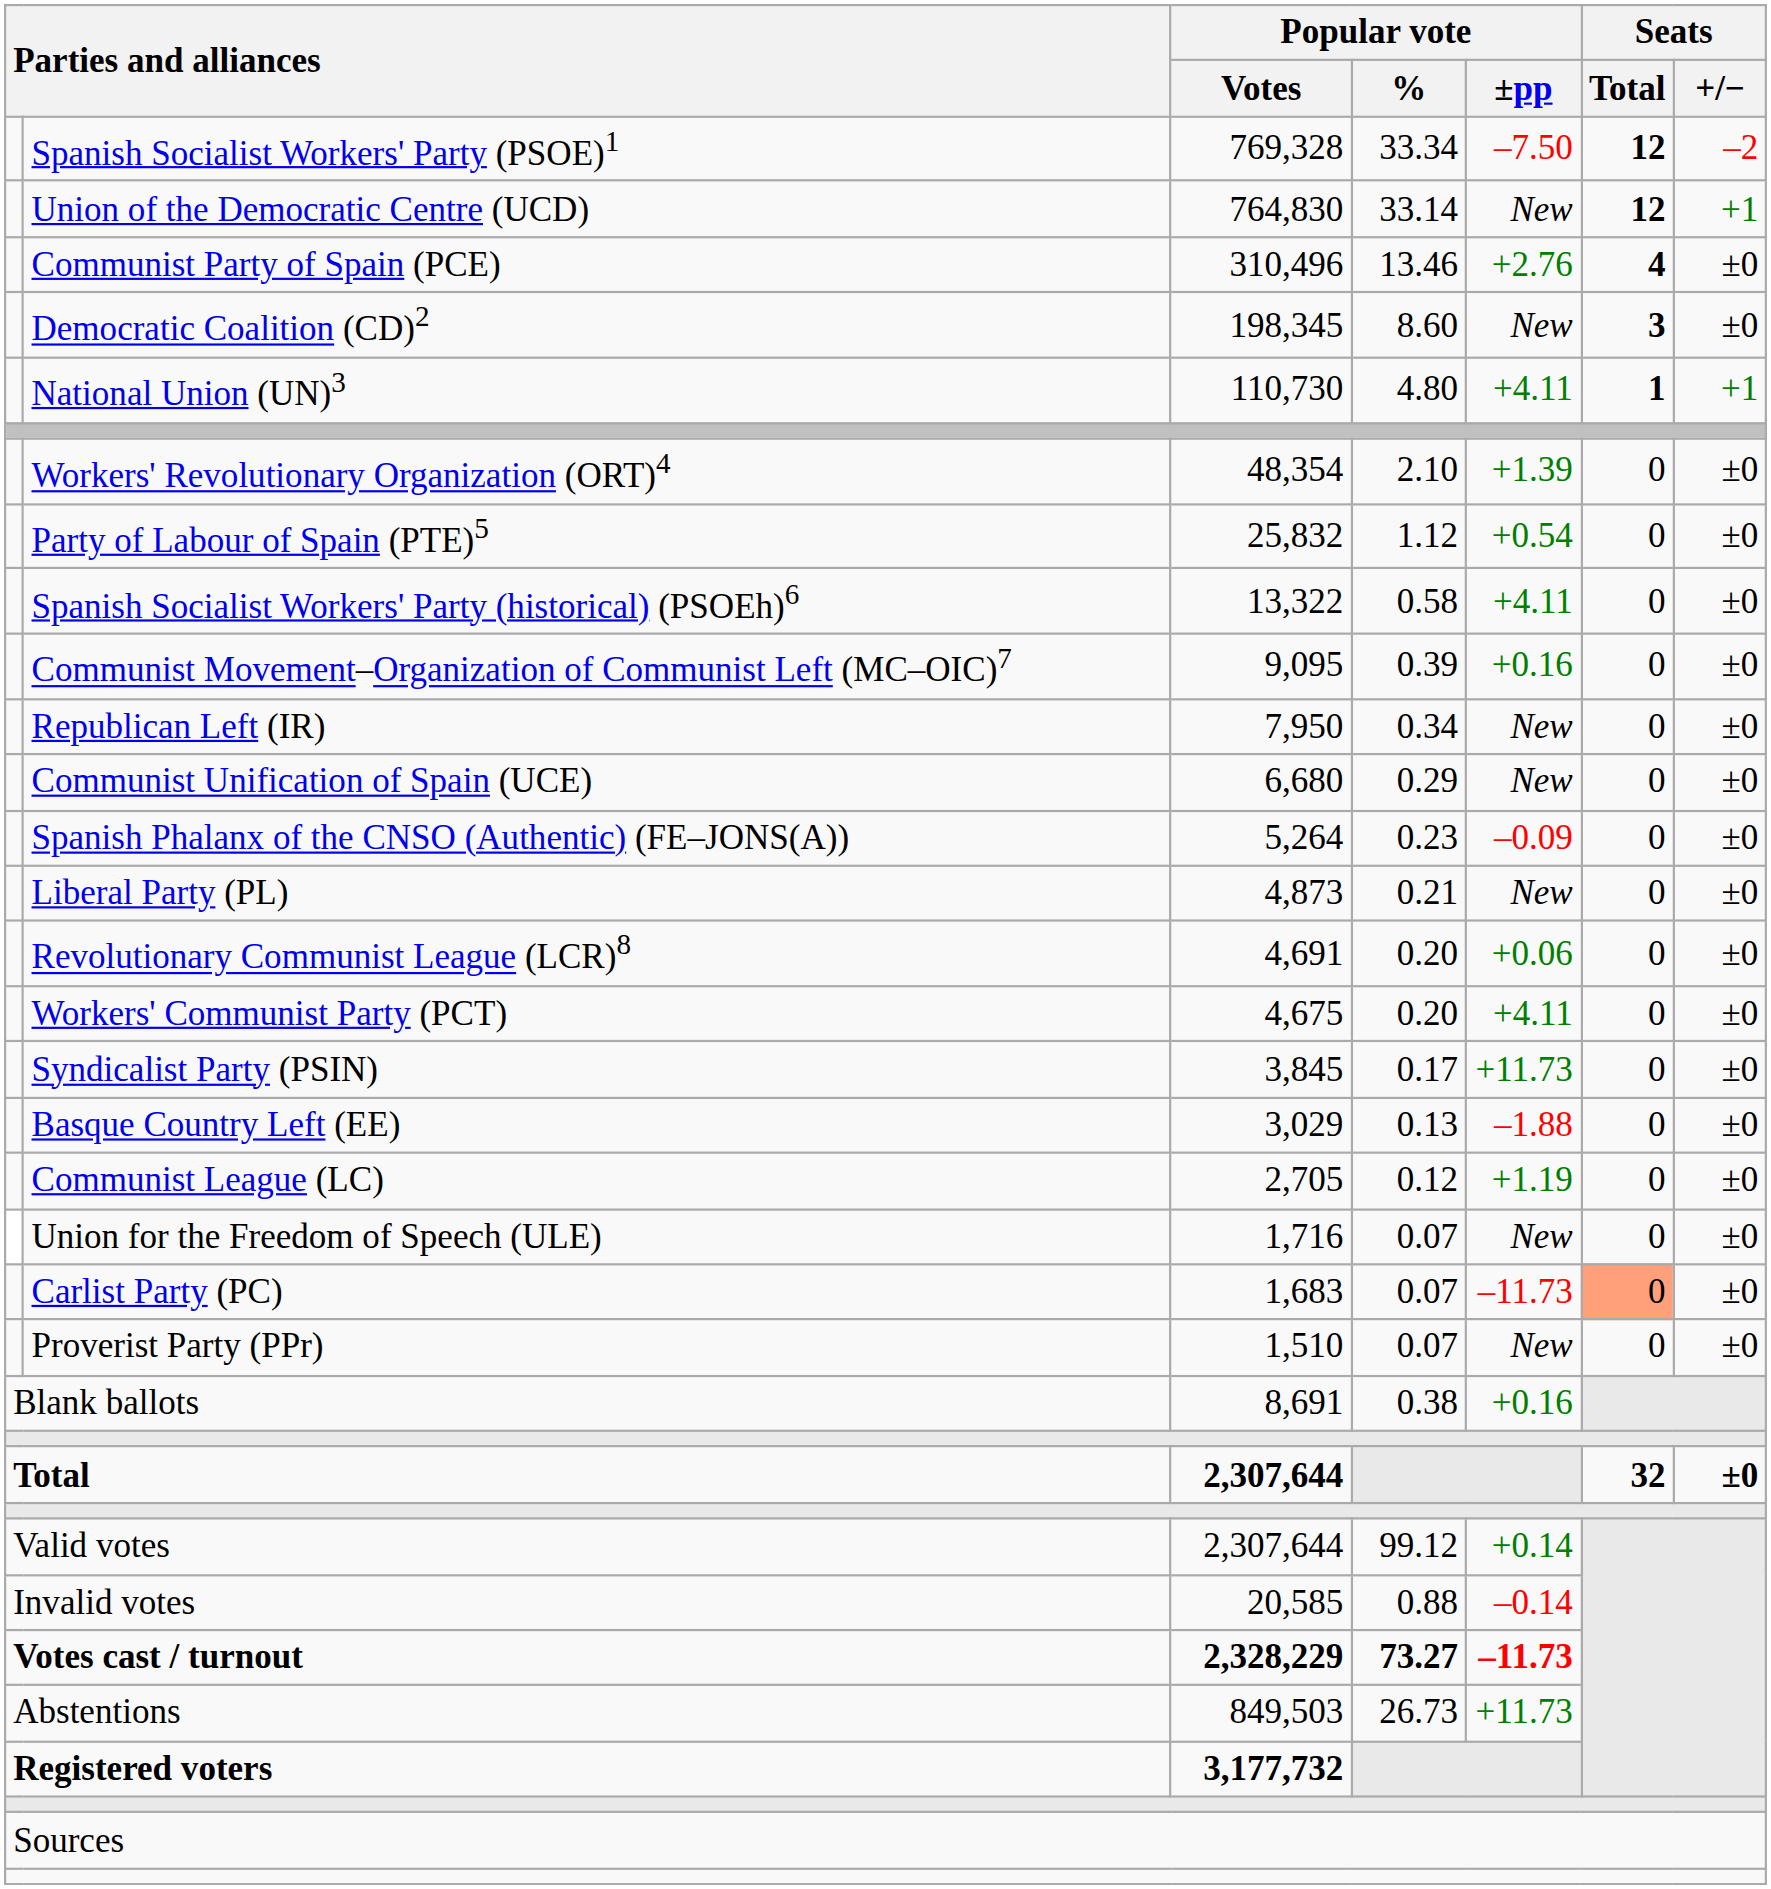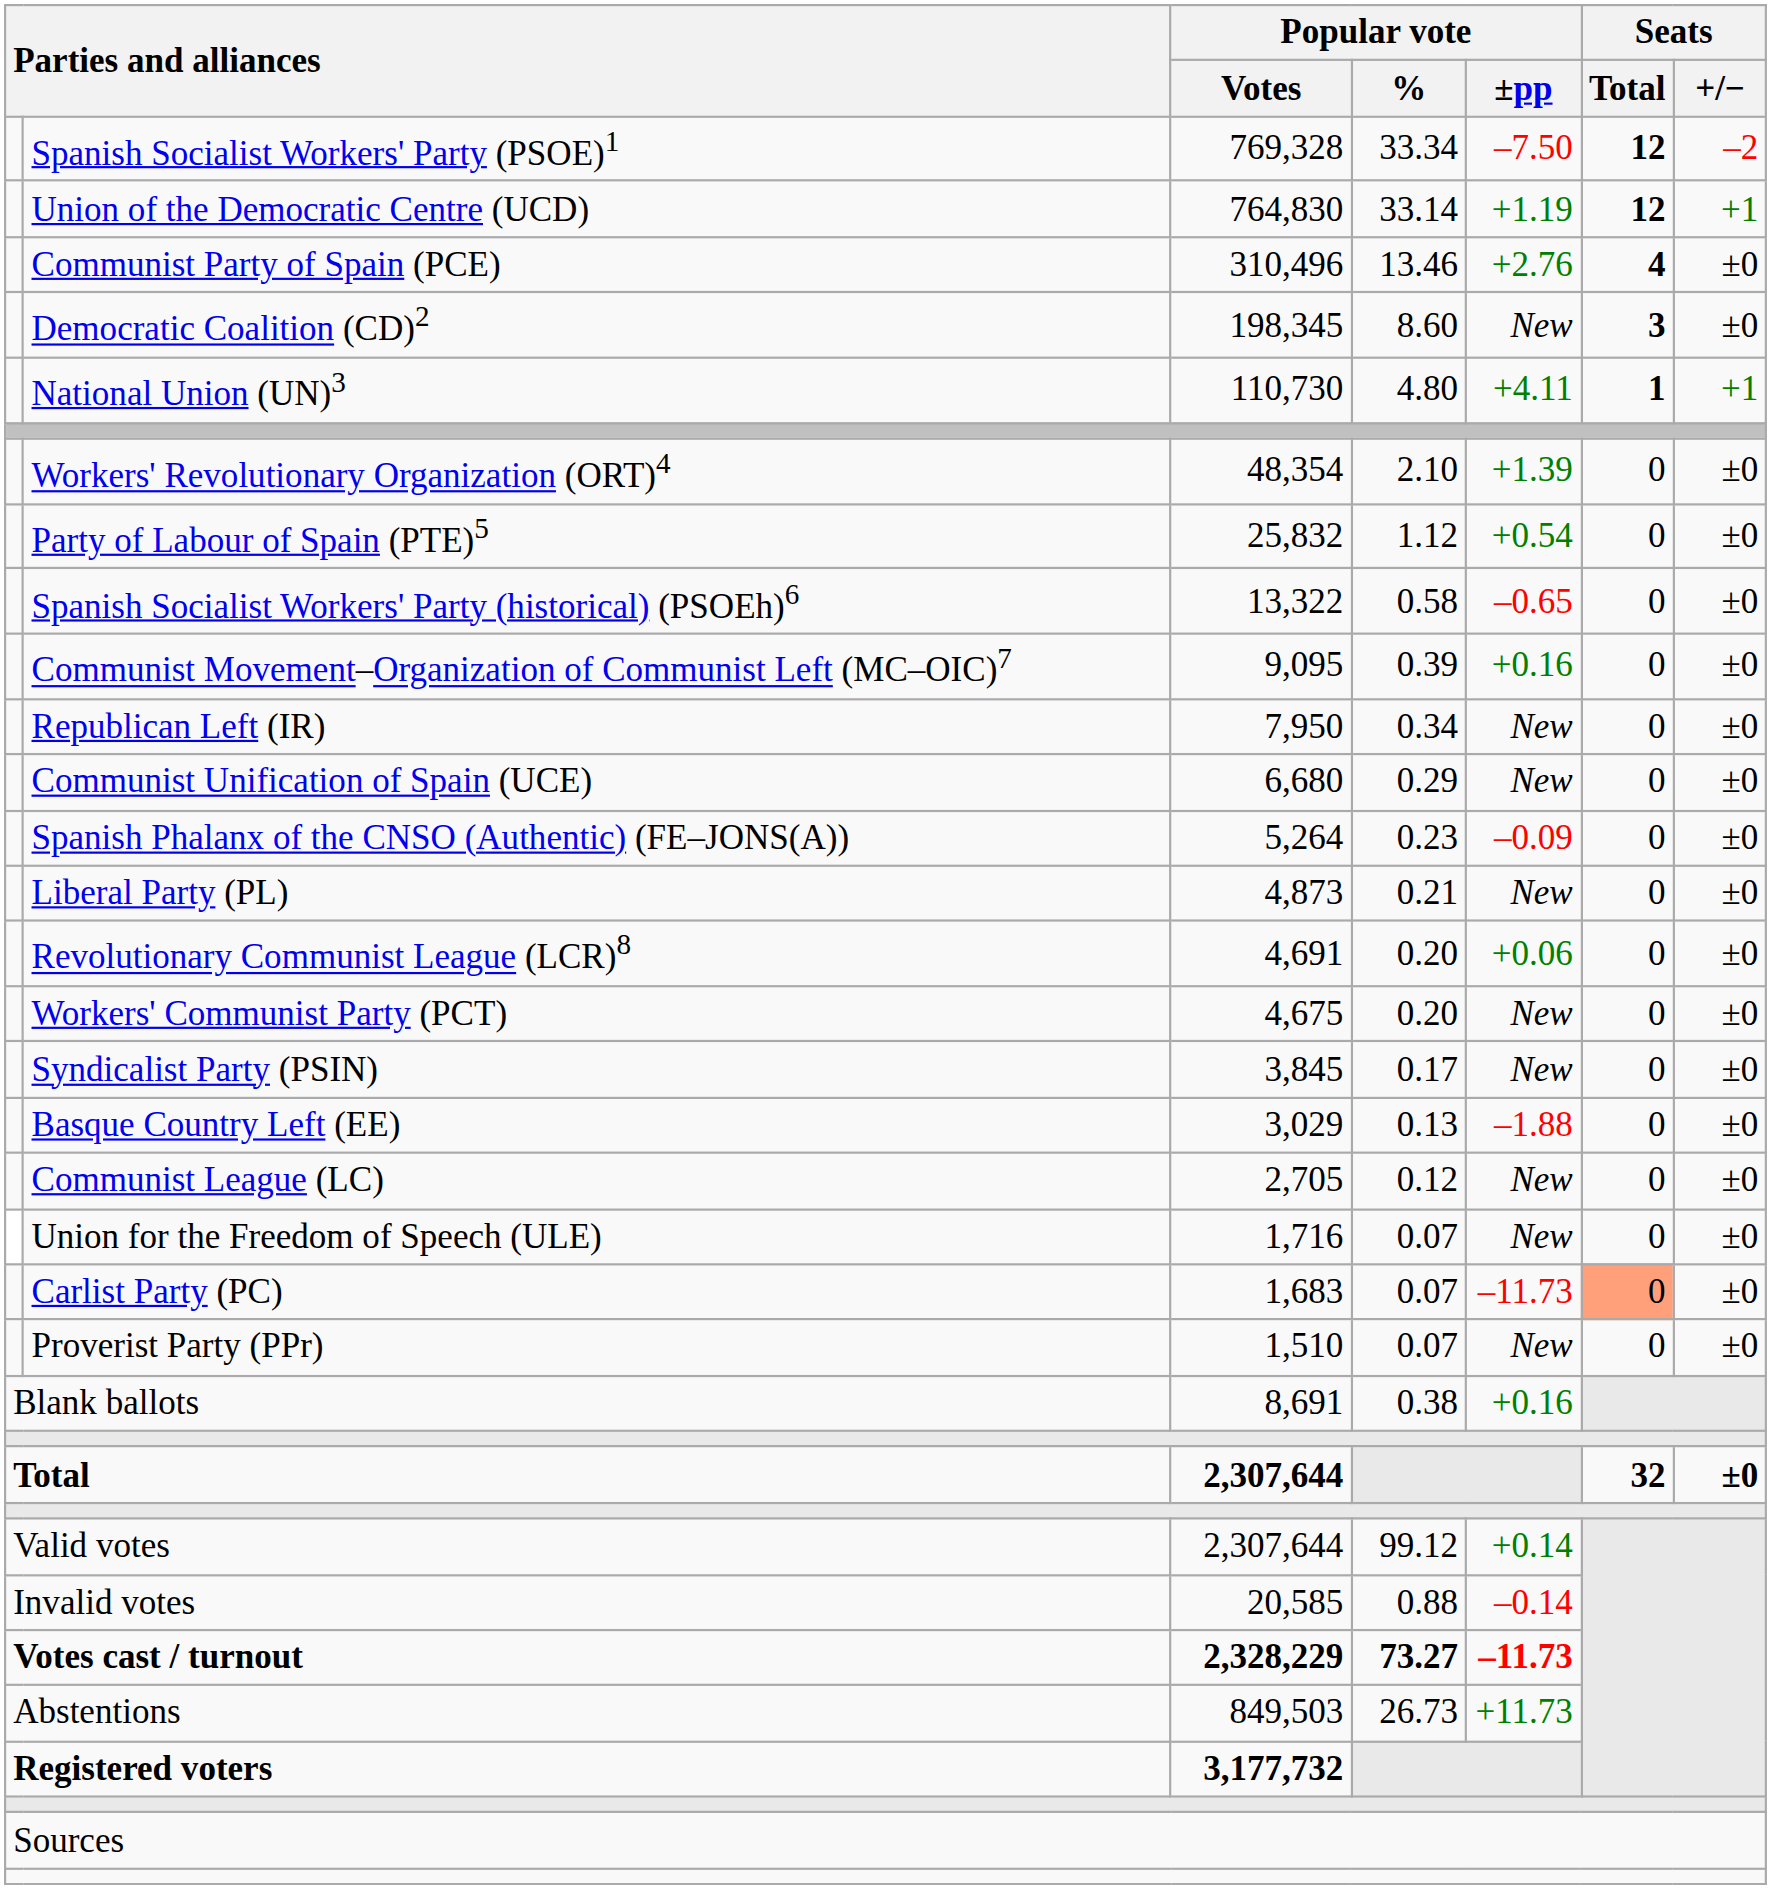 <table class="wikitable" style="text-align:right;">
 <tr>
 <th style="text-align:left;" rowspan="2" colspan="2" width="525">Parties and alliances</th>
 <th colspan="3">Popular vote</th>
 <th colspan="2">Seats</th>
 </tr>
 <tr>
 <th width="75">Votes</th>
 <th width="45">%</th>
 <th width="45">±<a href='#'>pp</a></th>
 <th width="35">Total</th>
 <th width="35">+/−</th>
 </tr>
 <tr>
 <td width="1" style="color:inherit;background:"></td>
 <td align="left"><a href='#'>Spanish Socialist Workers' Party</a> (PSOE)<sup>1</sup></td>
 <td>769,328</td>
 <td>33.34</td>
 <td style="color:red;">–7.50</td>
 <td><strong>12</strong></td>
 <td style="color:red;">–2</td>
 </tr>
 <tr>
 <td style="color:inherit;background:"></td>
 <td align="left"><a href='#'>Union of the Democratic Centre</a> (UCD)</td>
 <td>764,830</td>
 <td>33.14</td>
-<td><em>New</em></td>
+<td style="color:green;">+1.19</td>
 <td><strong>12</strong></td>
 <td style="color:green;">+1</td>
 </tr>
 <tr>
 <td style="color:inherit;background:"></td>
 <td align="left"><a href='#'>Communist Party of Spain</a> (PCE)</td>
 <td>310,496</td>
 <td>13.46</td>
 <td style="color:green;">+2.76</td>
 <td><strong>4</strong></td>
 <td>±0</td>
 </tr>
 <tr>
 <td style="color:inherit;background:"></td>
 <td align="left"><a href='#'>Democratic Coalition</a> (CD)<sup>2</sup></td>
 <td>198,345</td>
 <td>8.60</td>
 <td><em>New</em></td>
 <td><strong>3</strong></td>
 <td>±0</td>
 </tr>
 <tr>
 <td style="color:inherit;background:"></td>
 <td align="left"><a href='#'>National Union</a> (UN)<sup>3</sup></td>
 <td>110,730</td>
 <td>4.80</td>
 <td style="color:green;">+4.11</td>
 <td><strong>1</strong></td>
 <td style="color:green;">+1</td>
 </tr>
 <tr>
 <td colspan="7" bgcolor="#C0C0C0"></td>
 </tr>
 <tr>
 <td style="color:inherit;background:"></td>
 <td align="left"><a href='#'>Workers' Revolutionary Organization</a> (ORT)<sup>4</sup></td>
 <td>48,354</td>
 <td>2.10</td>
 <td style="color:green;">+1.39</td>
 <td>0</td>
 <td>±0</td>
 </tr>
 <tr>
 <td style="color:inherit;background:"></td>
 <td align="left"><a href='#'>Party of Labour of Spain</a> (PTE)<sup>5</sup></td>
 <td>25,832</td>
 <td>1.12</td>
 <td style="color:green;">+0.54</td>
 <td>0</td>
 <td>±0</td>
 </tr>
 <tr>
 <td style="color:inherit;background:"></td>
 <td align="left"><a href='#'>Spanish Socialist Workers' Party (historical)</a> (PSOEh)<sup>6</sup></td>
 <td>13,322</td>
 <td>0.58</td>
-<td style="color:green;">+4.11</td>
+<td style="color:red;">–0.65</td>
 <td>0</td>
 <td>±0</td>
 </tr>
 <tr>
 <td style="color:inherit;background:"></td>
 <td align="left"><a href='#'>Communist Movement</a>–<a href='#'>Organization of Communist Left</a> (MC–OIC)<sup>7</sup></td>
 <td>9,095</td>
 <td>0.39</td>
 <td style="color:green;">+0.16</td>
 <td>0</td>
 <td>±0</td>
 </tr>
 <tr>
 <td style="color:inherit;background:"></td>
 <td align="left"><a href='#'>Republican Left</a> (IR)</td>
 <td>7,950</td>
 <td>0.34</td>
 <td><em>New</em></td>
 <td>0</td>
 <td>±0</td>
 </tr>
 <tr>
 <td style="color:inherit;background:"></td>
 <td align="left"><a href='#'>Communist Unification of Spain</a> (UCE)</td>
 <td>6,680</td>
 <td>0.29</td>
 <td><em>New</em></td>
 <td>0</td>
 <td>±0</td>
 </tr>
 <tr>
 <td style="color:inherit;background:"></td>
 <td align="left"><a href='#'>Spanish Phalanx of the CNSO (Authentic)</a> (FE–JONS(A))</td>
 <td>5,264</td>
 <td>0.23</td>
 <td style="color:red;">–0.09</td>
 <td>0</td>
 <td>±0</td>
 </tr>
 <tr>
 <td style="color:inherit;background:"></td>
 <td align="left"><a href='#'>Liberal Party</a> (PL)</td>
 <td>4,873</td>
 <td>0.21</td>
 <td><em>New</em></td>
 <td>0</td>
 <td>±0</td>
 </tr>
 <tr>
 <td style="color:inherit;background:"></td>
 <td align="left"><a href='#'>Revolutionary Communist League</a> (LCR)<sup>8</sup></td>
 <td>4,691</td>
 <td>0.20</td>
 <td style="color:green;">+0.06</td>
 <td>0</td>
 <td>±0</td>
 </tr>
 <tr>
 <td style="color:inherit;background:"></td>
 <td align="left"><a href='#'>Workers' Communist Party</a> (PCT)</td>
 <td>4,675</td>
 <td>0.20</td>
-<td style="color:green;">+4.11</td>
+<td><em>New</em></td>
 <td>0</td>
 <td>±0</td>
 </tr>
 <tr>
 <td style="color:inherit;background:"></td>
 <td align="left"><a href='#'>Syndicalist Party</a> (PSIN)</td>
 <td>3,845</td>
 <td>0.17</td>
-<td style="color:green;">+11.73</td>
+<td><em>New</em></td>
 <td>0</td>
 <td>±0</td>
 </tr>
 <tr>
 <td style="color:inherit;background:"></td>
 <td align="left"><a href='#'>Basque Country Left</a> (EE)</td>
 <td>3,029</td>
 <td>0.13</td>
 <td style="color:red;">–1.88</td>
 <td>0</td>
 <td>±0</td>
 </tr>
 <tr>
 <td style="color:inherit;background:"></td>
 <td align="left"><a href='#'>Communist League</a> (LC)</td>
 <td>2,705</td>
 <td>0.12</td>
-<td style="color:green;">+1.19</td>
+<td><em>New</em></td>
 <td>0</td>
 <td>±0</td>
 </tr>
 <tr>
 <td bgcolor="white"></td>
 <td align="left">Union for the Freedom of Speech (ULE)</td>
 <td>1,716</td>
 <td>0.07</td>
 <td><em>New</em></td>
 <td>0</td>
 <td>±0</td>
 </tr>
 <tr>
 <td style="color:inherit;background:"></td>
 <td align="left"><a href='#'>Carlist Party</a> (PC)</td>
 <td>1,683</td>
 <td>0.07</td>
 <td style="color:red;">–11.73</td>
 <td style="background: lightsalmon;">0</td>
 <td>±0</td>
 </tr>
 <tr>
 <td style="color:inherit;background:"></td>
 <td align="left">Proverist Party (PPr)</td>
 <td>1,510</td>
 <td>0.07</td>
 <td><em>New</em></td>
 <td>0</td>
 <td>±0</td>
 </tr>
 <tr>
 <td align="left" colspan="2">Blank ballots</td>
 <td>8,691</td>
 <td>0.38</td>
 <td style="color:green;">+0.16</td>
 <td bgcolor="#E9E9E9" colspan="2"></td>
 </tr>
 <tr>
 <td colspan="7" bgcolor="#E9E9E9"></td>
 </tr>
 <tr style="font-weight:bold;">
 <td align="left" colspan="2">Total</td>
 <td>2,307,644</td>
 <td bgcolor="#E9E9E9" colspan="2"></td>
 <td>32</td>
 <td>±0</td>
 </tr>
 <tr>
 <td colspan="7" bgcolor="#E9E9E9"></td>
 </tr>
 <tr>
 <td align="left" colspan="2">Valid votes</td>
 <td>2,307,644</td>
 <td>99.12</td>
 <td style="color:green;">+0.14</td>
 <td bgcolor="#E9E9E9" colspan="2" rowspan="5"></td>
 </tr>
 <tr>
 <td align="left" colspan="2">Invalid votes</td>
 <td>20,585</td>
 <td>0.88</td>
 <td style="color:red;">–0.14</td>
 </tr>
 <tr style="font-weight:bold;">
 <td align="left" colspan="2">Votes cast / turnout</td>
 <td>2,328,229</td>
 <td>73.27</td>
 <td style="color:red;">–11.73</td>
 </tr>
 <tr>
 <td align="left" colspan="2">Abstentions</td>
 <td>849,503</td>
 <td>26.73</td>
 <td style="color:green;">+11.73</td>
 </tr>
 <tr style="font-weight:bold;">
 <td align="left" colspan="2">Registered voters</td>
 <td>3,177,732</td>
 <td bgcolor="#E9E9E9" colspan="2"></td>
 </tr>
 <tr>
 <td colspan="7" bgcolor="#E9E9E9"></td>
 </tr>
 <tr>
 <td align="left" colspan="7">Sources</td>
 </tr>
 <tr>
 <td colspan="7" style="text-align:left; max-width:790px;"></td>
 </tr>
 </table>
